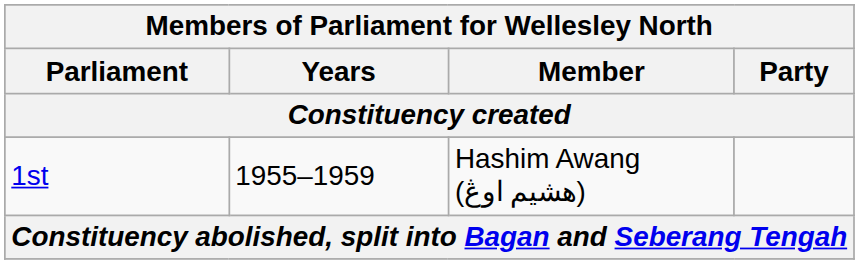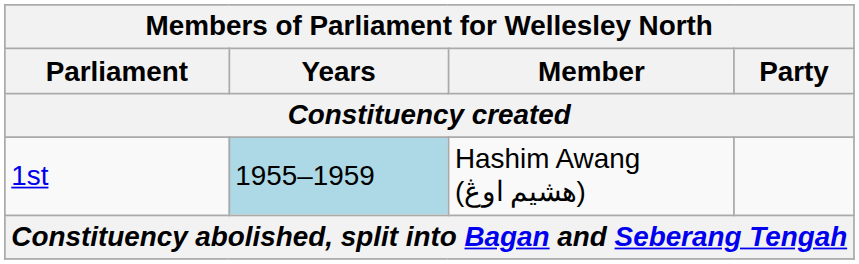 <table class="wikitable">
 <tr>
 <th colspan="4">Members of Parliament for Wellesley North</th>
 </tr>
 <tr>
 <th>Parliament</th>
 <th>Years</th>
 <th>Member</th>
 <th>Party</th>
 </tr>
 <tr>
 <th colspan="4"><em>Constituency created</em></th>
 </tr>
 <tr>
 <td><a href='#'>1st</a></td>
-<td>1955–1959</td>
+<td style="background: lightblue;">1955–1959</td>
 <td>Hashim Awang <br> (هشيم اوڠ)</td>
 <td></td>
 </tr>
 <tr>
 <th colspan="4"><em>Constituency abolished, split into <a href='#'>Bagan</a> and <a href='#'>Seberang Tengah</a></em></th>
 </tr>
 </table>
